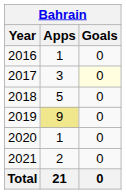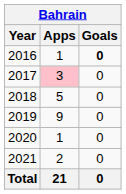 <table class="wikitable" style="text-align:center">
 <tr>
 <th colspan=3><a href='#'>Bahrain</a></th>
 </tr>
 <tr>
 <th>Year</th>
 <th>Apps</th>
 <th>Goals</th>
 </tr>
 <tr>
 <td>2016</td>
 <td>1</td>
-<td>0</td>
+<td><strong>0</strong></td>
 </tr>
 <tr>
 <td>2017</td>
-<td>3</td>
-<td style="background: lightyellow;">0</td>
+<td style="background: pink;">3</td>
+<td>0</td>
 </tr>
 <tr>
 <td>2018</td>
 <td>5</td>
 <td>0</td>
 </tr>
 <tr>
 <td>2019</td>
-<td style="background: khaki;">9</td>
+<td>9</td>
 <td>0</td>
 </tr>
 <tr>
 <td>2020</td>
 <td>1</td>
 <td>0</td>
 </tr>
 <tr>
 <td>2021</td>
 <td>2</td>
 <td>0</td>
 </tr>
 <tr>
 <th>Total</th>
 <th>21</th>
 <th>0</th>
 </tr>
 </table>
